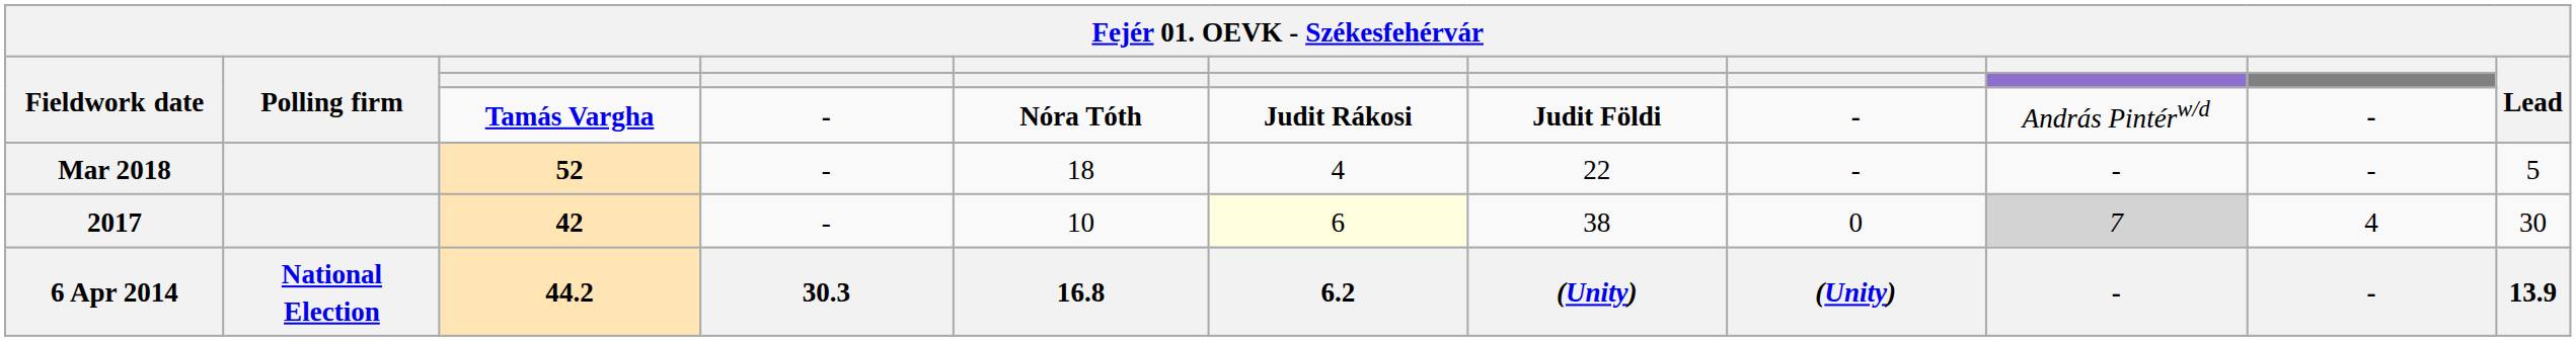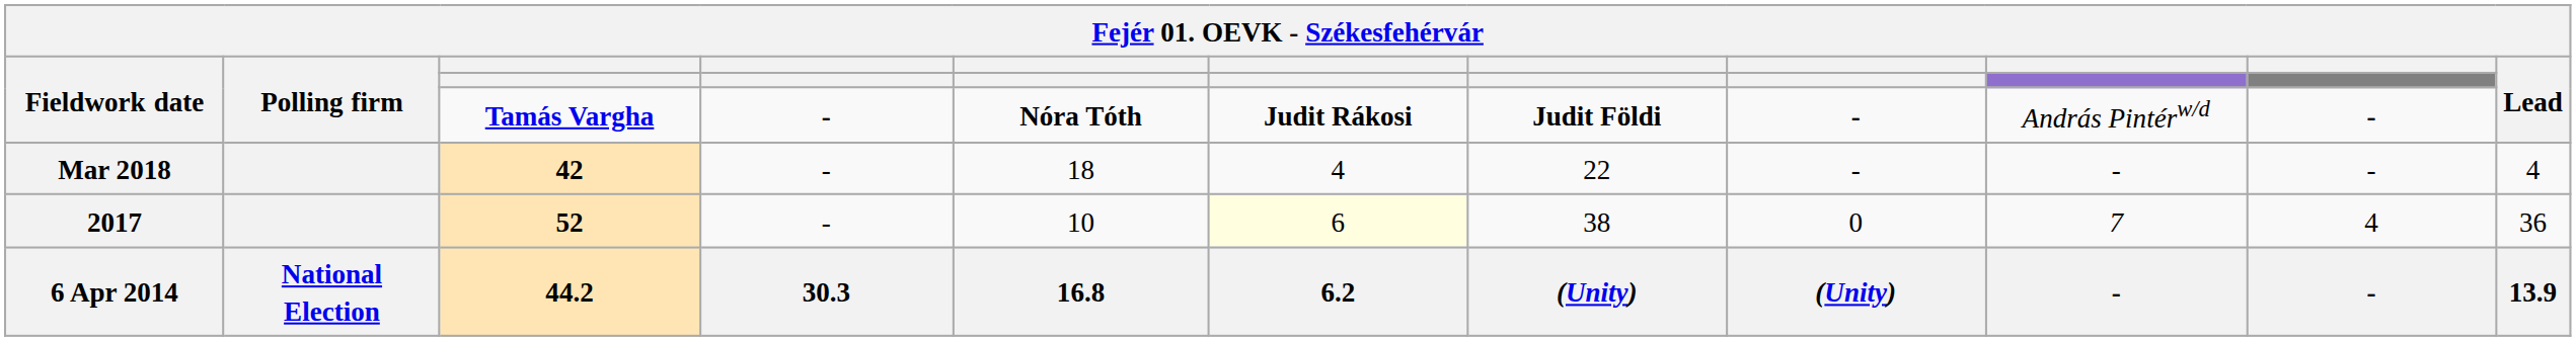 <table class="wikitable mw-collapsible mw-collapsed" style="text-align:center">
 <tr>
 <th colspan="11" style="width: 980pt;"><small><a href='#'>Fejér</a> 01. OEVK - <a href='#'>Székesfehérvár</a></small></th>
 </tr>
 <tr>
 <th rowspan="3" style="width: 80pt;"><small>Fieldwork</small> <small>date</small></th>
 <th rowspan="3" style="width: 80pt;"><strong><small>Polling</small> <small>firm</small></strong></th>
 <th style="width: 100pt;"><small></small></th>
 <th style="width: 100pt;"><small> </small></th>
 <th style="width: 100pt;"></th>
 <th style="width: 100pt;"></th>
 <th style="width: 100pt;"></th>
 <th style="width: 100pt;"></th>
 <th style="width: 100pt;"></th>
 <th style="width: 100pt;"></th>
 <th rowspan="3" style="width: 20pt;"><small>Lead</small></th>
 </tr>
 <tr>
 <th style="color:inherit;background:"></th>
 <th style="color:inherit;background:"></th>
 <th style="color:inherit;background:"></th>
 <th style="color:inherit;background:"></th>
 <th style="color:inherit;background:"></th>
 <th style="color:inherit;background:"></th>
 <th style="color:inherit;background:#8E6FCE;"></th>
 <th style="color:inherit;background:#808080;"></th>
 </tr>
 <tr>
 <td><a href='#'><small><strong>Tamás Vargha</strong></small></a></td>
 <td><small><strong>-</strong></small></td>
 <td><small><strong>Nóra Tóth</strong></small></td>
 <td><small><strong>Judit Rákosi</strong></small></td>
 <td><small><strong>Judit Földi</strong></small></td>
 <td><small><strong>-</strong></small></td>
 <td><small><em>András Pintér<sup>w/d</sup></em></small></td>
 <td><small><strong>-</strong></small></td>
 </tr>
 <tr>
 <th><small>Mar 2018</small></th>
 <th><small></small></th>
-<td style="background:#FFE5B4"><small><strong>52</strong></small></td>
+<td style="background:#FFE5B4"><small><strong>42</strong></small></td>
 <td><small>-</small></td>
 <td><small>18</small></td>
 <td><small>4</small></td>
 <td><small>22</small></td>
 <td><small>-</small></td>
 <td><small><em>-</em></small></td>
 <td><small>-</small></td>
-<td style="background:"><small>5</small></td>
+<td style="background:"><small>4</small></td>
 </tr>
 <tr>
 <th><small>2017</small></th>
 <th><small></small></th>
-<td style="background:#FFE5B4"><small><strong>42</strong></small></td>
+<td style="background:#FFE5B4"><small><strong>52</strong></small></td>
 <td><small>-</small></td>
 <td><small>10</small></td>
 <td style="background: lightyellow;"><small>6</small></td>
 <td><small>38</small></td>
 <td><small>0</small></td>
-<td style="background: lightgrey;"><small><em>7</em></small></td>
+<td><small><em>7</em></small></td>
 <td><small>4</small></td>
-<td style="background:"><small>30</small></td>
+<td style="background:"><small>36</small></td>
 </tr>
 <tr>
 <th><small>6 Apr 2014</small></th>
 <th><a href='#'><small>National Election</small></a></th>
 <th style="background:#FFE5B4"><small><strong>44.2</strong></small></th>
 <th><small>30.3</small></th>
 <th><small>16.8</small></th>
 <th><small>6.2</small></th>
 <th><small><em>(<a href='#'>Unity</a>)</em></small></th>
 <th><small><em>(<a href='#'>Unity</a>)</em></small></th>
 <th><small>-</small></th>
 <th><small>-</small></th>
 <th style="background:"><small>13.9</small></th>
 </tr>
 </table>
